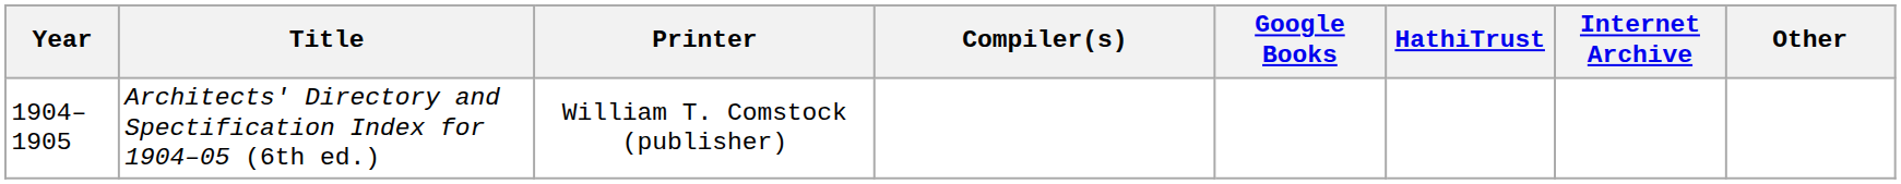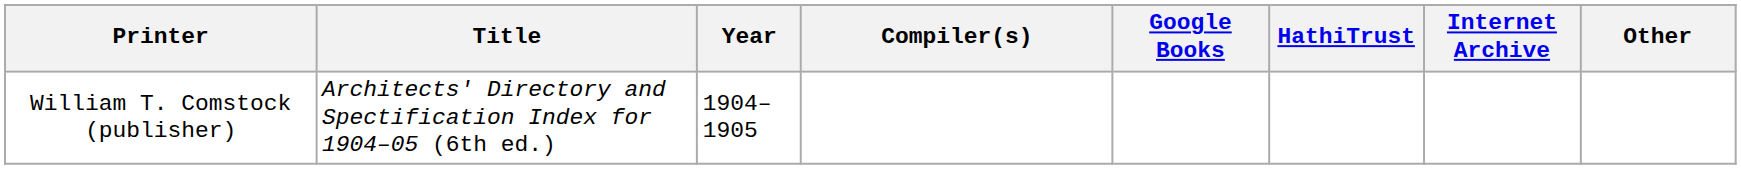 <table class="wikitable collapsible sortable" border="0" cellpadding="1" style="color:black; background-color: #FFFFFF; font-size: 90%; width:100%">
 <tr>
+<th>Printer</th>
+<th>Title</th>
 <th>Year</th>
-<th>Title</th>
-<th>Printer</th>
 <th>Compiler(s)</th>
 <th><a href='#'>Google<br>Books</a></th>
 <th><a href='#'>HathiTrust</a></th>
 <th><a href='#'>Internet<br>Archive</a></th>
 <th>Other</th>
 </tr>
 <tr>
+<td style="text-align:center" width="18%"data-sort-value="comstock">William T. Comstock (publisher)</td>
+<td width="22%"><em>Architects' Directory and Spectification Index for 1904–05</em> (6th ed.)</td>
 <td width="6%">1904–1905</td>
-<td width="22%"><em>Architects' Directory and Spectification Index for 1904–05</em> (6th ed.)</td>
-<td style="text-align:center" width="18%"data-sort-value="comstock">William T. Comstock (publisher)</td>
 <td style="text-align:center" width="18%"></td>
 <td style="text-align:center" width="9%"></td>
 <td style="text-align:center" width="9%"></td>
 <td style="text-align:center" width="9%"></td>
 <td style="text-align:center" width="9%"></td>
 </tr>
 </table>
